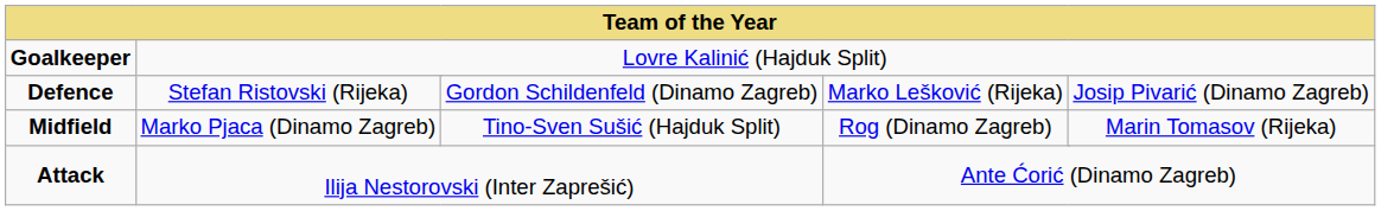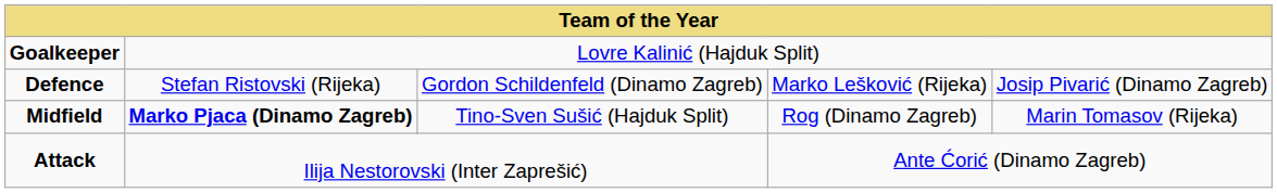 <table class="wikitable" style="text-align:center">
 <tr>
 <th style="background-color: #eedd82" colspan="7">Team of the Year</th>
 </tr>
 <tr>
 <td><strong>Goalkeeper</strong></td>
 <td colspan="6"> <a href='#'>Lovre Kalinić</a> (Hajduk Split)</td>
 </tr>
 <tr>
 <td><strong>Defence</strong></td>
 <td colspan="2"> <a href='#'>Stefan Ristovski</a> (Rijeka)</td>
 <td> <a href='#'>Gordon Schildenfeld</a> (Dinamo Zagreb)</td>
 <td> <a href='#'>Marko Lešković</a> (Rijeka)</td>
 <td colspan="2"> <a href='#'>Josip Pivarić</a> (Dinamo Zagreb)</td>
 </tr>
 <tr>
 <td><strong>Midfield</strong></td>
-<td> <a href='#'>Marko Pjaca</a> (Dinamo Zagreb)</td>
+<td><strong> <a href='#'>Marko Pjaca</a> (Dinamo Zagreb)</strong></td>
 <td colspan="2"> <a href='#'>Tino-Sven Sušić</a> (Hajduk Split)</td>
 <td colspan="2"> <a href='#'>Rog</a> (Dinamo Zagreb)</td>
 <td> <a href='#'>Marin Tomasov</a> (Rijeka)</td>
 </tr>
 <tr>
 <td><strong>Attack</strong></td>
 <td colspan="3"><br> <a href='#'>Ilija Nestorovski</a> (Inter Zaprešić)</td>
 <td colspan="3"> <a href='#'>Ante Ćorić</a> (Dinamo Zagreb)</td>
 </tr>
 </table>
